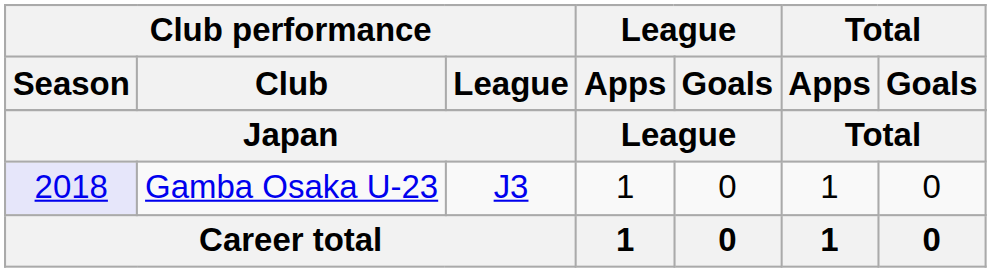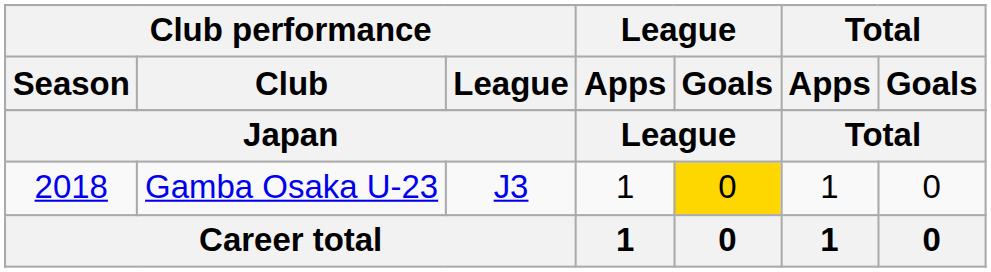 <table class="wikitable" style="text-align:center">
 <tr>
 <th colspan=3>Club performance</th>
 <th colspan=2>League</th>
 <th colspan=2>Total</th>
 </tr>
 <tr>
 <th>Season</th>
 <th>Club</th>
 <th>League</th>
 <th>Apps</th>
 <th>Goals</th>
 <th>Apps</th>
 <th>Goals</th>
 </tr>
 <tr>
 </tr>
 <tr>
 <th colspan=3>Japan</th>
 <th colspan=2>League</th>
 <th colspan=2>Total</th>
 </tr>
 <tr>
-<td style="background: lavender;"><a href='#'>2018</a></td>
+<td><a href='#'>2018</a></td>
 <td><a href='#'>Gamba Osaka U-23</a></td>
 <td><a href='#'>J3</a></td>
 <td>1</td>
-<td>0</td>
+<td style="background: gold;">0</td>
 <td>1</td>
 <td>0</td>
 </tr>
 <tr>
 <th colspan=3>Career total</th>
 <th>1</th>
 <th>0</th>
 <th>1</th>
 <th>0</th>
 </tr>
 </table>
